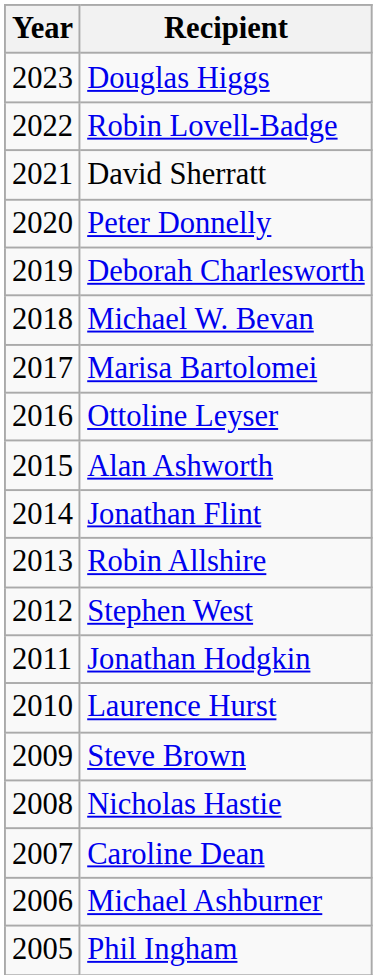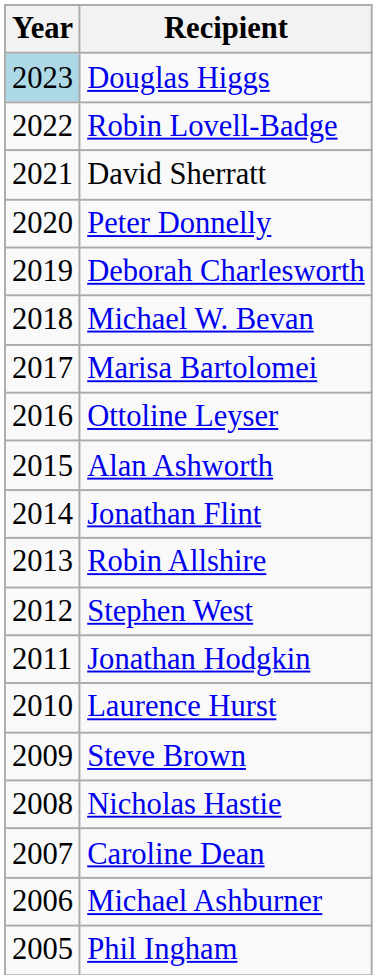 <table class="wikitable sortable">
 <tr>
 <th>Year</th>
 <th>Recipient</th>
 </tr>
 <tr>
-<td>2023</td>
+<td style="background: lightblue;">2023</td>
 <td><a href='#'>Douglas Higgs</a></td>
 </tr>
 <tr>
 <td>2022</td>
 <td><a href='#'>Robin Lovell-Badge</a></td>
 </tr>
 <tr>
 <td>2021</td>
 <td>David Sherratt</td>
 </tr>
 <tr>
 <td>2020</td>
 <td><a href='#'>Peter Donnelly</a></td>
 </tr>
 <tr>
 <td>2019</td>
 <td><a href='#'>Deborah Charlesworth</a></td>
 </tr>
 <tr>
 <td>2018</td>
 <td><a href='#'>Michael W. Bevan</a></td>
 </tr>
 <tr>
 <td>2017</td>
 <td><a href='#'>Marisa Bartolomei</a></td>
 </tr>
 <tr>
 <td>2016</td>
 <td><a href='#'>Ottoline Leyser</a></td>
 </tr>
 <tr>
 <td>2015</td>
 <td><a href='#'>Alan Ashworth</a></td>
 </tr>
 <tr>
 <td>2014</td>
 <td><a href='#'>Jonathan Flint</a></td>
 </tr>
 <tr>
 <td>2013</td>
 <td><a href='#'>Robin Allshire</a></td>
 </tr>
 <tr>
 <td>2012</td>
 <td><a href='#'>Stephen West</a></td>
 </tr>
 <tr>
 <td>2011</td>
 <td><a href='#'>Jonathan Hodgkin</a></td>
 </tr>
 <tr>
 <td>2010</td>
 <td><a href='#'>Laurence Hurst</a></td>
 </tr>
 <tr>
 <td>2009</td>
 <td><a href='#'>Steve Brown</a></td>
 </tr>
 <tr>
 <td>2008</td>
 <td><a href='#'>Nicholas Hastie</a></td>
 </tr>
 <tr>
 <td>2007</td>
 <td><a href='#'>Caroline Dean</a></td>
 </tr>
 <tr>
 <td>2006</td>
 <td><a href='#'>Michael Ashburner</a></td>
 </tr>
 <tr>
 <td>2005</td>
 <td><a href='#'>Phil Ingham</a></td>
 </tr>
 </table>
